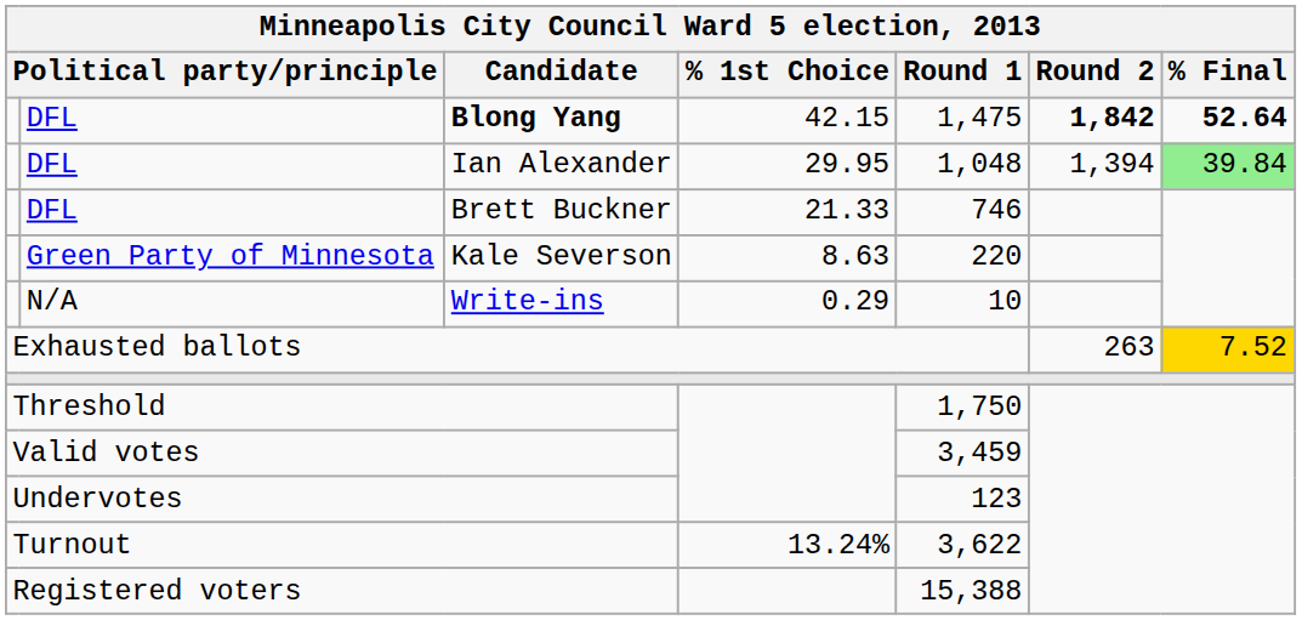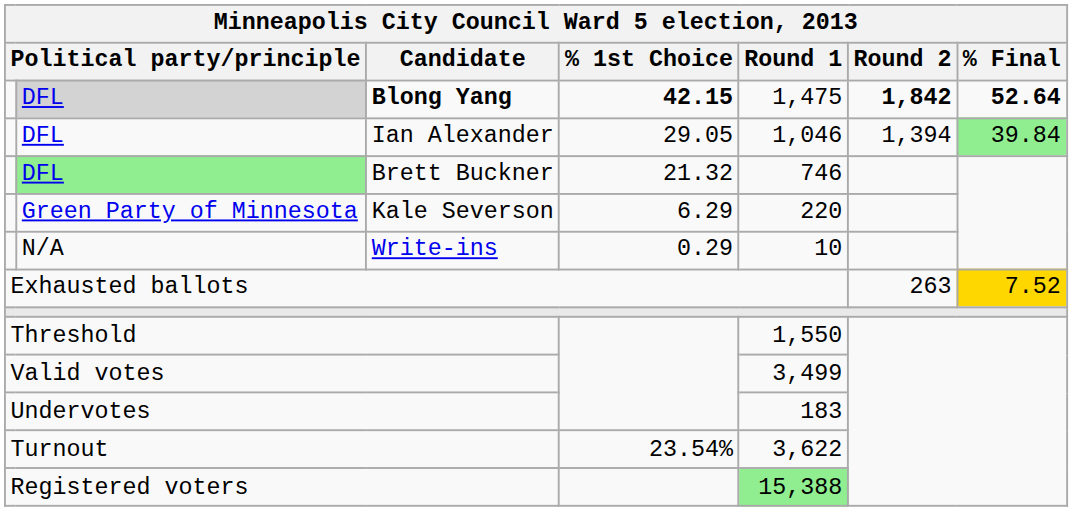 <table class="wikitable" style="font-size:95%">
 <tr>
 <th colspan="7">Minneapolis City Council Ward 5 election, 2013</th>
 </tr>
 <tr>
 <th colspan="2">Political party/principle</th>
 <th>Candidate</th>
 <th>% 1st Choice</th>
 <th>Round 1</th>
 <th>Round 2</th>
 <th>% Final</th>
 </tr>
 <tr>
 <td style="background-color:"></td>
-<td><a href='#'>DFL</a></td>
+<td style="background: lightgrey;"><a href='#'>DFL</a></td>
 <td><strong>Blong Yang</strong></td>
-<td align="right">42.15</td>
+<td align="right"><strong>42.15</strong></td>
 <td align="right">1,475</td>
 <td align="right"><strong>1,842</strong></td>
 <td align="right"><strong>52.64</strong></td>
 </tr>
 <tr>
 <td style="background-color:"></td>
 <td><a href='#'>DFL</a></td>
 <td>Ian Alexander</td>
-<td align="right">29.95</td>
-<td align="right">1,048</td>
+<td align="right">29.05</td>
+<td align="right">1,046</td>
 <td align="right">1,394</td>
 <td align="right" style="background: lightgreen;">39.84</td>
 </tr>
 <tr>
 <td style="background-color:"></td>
-<td><a href='#'>DFL</a></td>
+<td style="background: lightgreen;"><a href='#'>DFL</a></td>
 <td>Brett Buckner</td>
-<td align="right">21.33</td>
+<td align="right">21.32</td>
 <td align="right">746</td>
 <td align="right"></td>
 <td rowspan="3"></td>
 </tr>
 <tr>
 <td style="background-color:"></td>
 <td><a href='#'>Green Party of Minnesota</a></td>
 <td>Kale Severson</td>
-<td align="right">8.63</td>
+<td align="right">6.29</td>
 <td align="right">220</td>
 <td align="right"></td>
 </tr>
 <tr>
 <td style="background-color:"></td>
 <td>N/A</td>
 <td><a href='#'>Write-ins</a></td>
 <td align="right">0.29</td>
 <td align="right">10</td>
 <td align="right"></td>
 </tr>
 <tr>
 <td colspan="5">Exhausted ballots</td>
 <td align="right">263</td>
 <td align="right" style="background: gold;">7.52</td>
 </tr>
 <tr>
 <td colspan="7" style="background: #E9E9E9"></td>
 </tr>
 <tr>
 <td colspan="3">Threshold</td>
 <td rowspan="3"></td>
-<td align="right">1,750</td>
+<td align="right">1,550</td>
 </tr>
 <tr>
 <td colspan="3">Valid votes</td>
-<td align="right">3,459</td>
+<td align="right">3,499</td>
 </tr>
 <tr>
 <td colspan="3">Undervotes</td>
-<td align="right">123</td>
+<td align="right">183</td>
 </tr>
 <tr>
 <td colspan="3">Turnout</td>
-<td align="right">13.24%</td>
+<td align="right">23.54%</td>
 <td align="right">3,622</td>
 </tr>
 <tr>
 <td colspan="3">Registered voters</td>
 <td></td>
-<td align="right">15,388</td>
+<td align="right" style="background: lightgreen;">15,388</td>
 </tr>
 </table>
